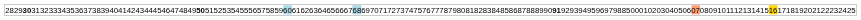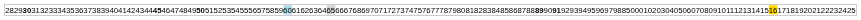 <table Cellpadding="0" CellSpacing="0" border="0" style="font-size:100%; border:1px solid #aaaaaa; padding:1px;">
 <tr valign="bottom">
 <td></td>
 <td></td>
 <td></td>
 <td></td>
 <td></td>
 <td></td>
 <td></td>
 <td></td>
 <td></td>
 <td></td>
 <td></td>
 <td></td>
 <td></td>
 <td></td>
 <td></td>
 <td></td>
 <td></td>
 <td></td>
 <td></td>
 <td></td>
 <td></td>
 <td></td>
 <td></td>
 <td></td>
 <td></td>
 <td></td>
 <td></td>
 <td></td>
 <td></td>
 <td></td>
 <td></td>
 <td></td>
 <td></td>
 <td></td>
 <td></td>
 <td></td>
 <td></td>
 <td></td>
 <td></td>
 <td></td>
 <td></td>
 <td></td>
 <td></td>
 <td></td>
 <td></td>
 <td></td>
 <td></td>
 <td></td>
 <td></td>
 <td></td>
 <td></td>
 <td></td>
 <td></td>
 <td></td>
 <td></td>
 <td></td>
 <td></td>
 <td></td>
 <td></td>
 <td></td>
 <td></td>
 <td></td>
 <td></td>
 <td></td>
 <td></td>
 <td></td>
 <td></td>
 <td></td>
 <td></td>
 <td></td>
 <td></td>
 <td></td>
 <td></td>
 <td></td>
 <td></td>
 <td></td>
 <td></td>
 <td></td>
 <td></td>
 <td></td>
 <td></td>
 <td></td>
 <td></td>
 <td></td>
 <td></td>
 <td></td>
 <td></td>
 <td></td>
 <td></td>
 <td></td>
 <td></td>
 <td></td>
 <td></td>
 <td></td>
 <td></td>
 <td></td>
 <td></td>
 <td></td>
 </tr>
 <tr align=center style="font-size:80%;">
 <td>28</td>
 <td>29</td>
 <td><strong>30</strong></td>
 <td>31</td>
 <td>32</td>
 <td>33</td>
 <td>34</td>
 <td>35</td>
 <td>36</td>
 <td>37</td>
 <td>38</td>
 <td>39</td>
 <td>40</td>
 <td>41</td>
 <td>42</td>
 <td>43</td>
 <td>44</td>
-<td>45</td>
+<td><strong>45</strong></td>
 <td>46</td>
 <td>47</td>
 <td>48</td>
 <td>49</td>
 <td><strong>50</strong></td>
 <td>51</td>
 <td>52</td>
 <td>53</td>
 <td>54</td>
 <td>55</td>
 <td>56</td>
 <td>57</td>
 <td>58</td>
 <td>59</td>
 <td style="background: lightblue;">60</td>
 <td>61</td>
 <td>62</td>
 <td>63</td>
 <td>64</td>
-<td>65</td>
+<td style="background: lightgrey;">65</td>
 <td>66</td>
 <td>67</td>
-<td style="background: lightblue;">68</td>
+<td>68</td>
 <td>69</td>
 <td>70</td>
 <td>71</td>
 <td>72</td>
 <td>73</td>
 <td>74</td>
 <td>75</td>
 <td>76</td>
 <td>77</td>
 <td>78</td>
 <td>79</td>
 <td>80</td>
 <td>81</td>
 <td>82</td>
 <td>83</td>
 <td>84</td>
 <td>85</td>
 <td>86</td>
 <td>87</td>
 <td>88</td>
-<td>89</td>
+<td><strong>89</strong></td>
 <td>90</td>
 <td><strong>91</strong></td>
 <td>92</td>
 <td>93</td>
 <td>94</td>
 <td>95</td>
 <td>96</td>
 <td>97</td>
 <td>98</td>
 <td>85</td>
 <td>00</td>
 <td>01</td>
 <td>02</td>
 <td>03</td>
 <td>04</td>
 <td>05</td>
 <td>06</td>
-<td style="background: lightsalmon;">07</td>
+<td>07</td>
 <td>08</td>
 <td>09</td>
 <td>10</td>
 <td>11</td>
 <td>12</td>
 <td>13</td>
 <td>14</td>
 <td>15</td>
 <td style="background: gold;">16</td>
 <td>17</td>
 <td>18</td>
 <td>19</td>
 <td>20</td>
 <td>21</td>
 <td>22</td>
 <td>23</td>
 <td>24</td>
 <td>25</td>
 </tr>
 </table>
